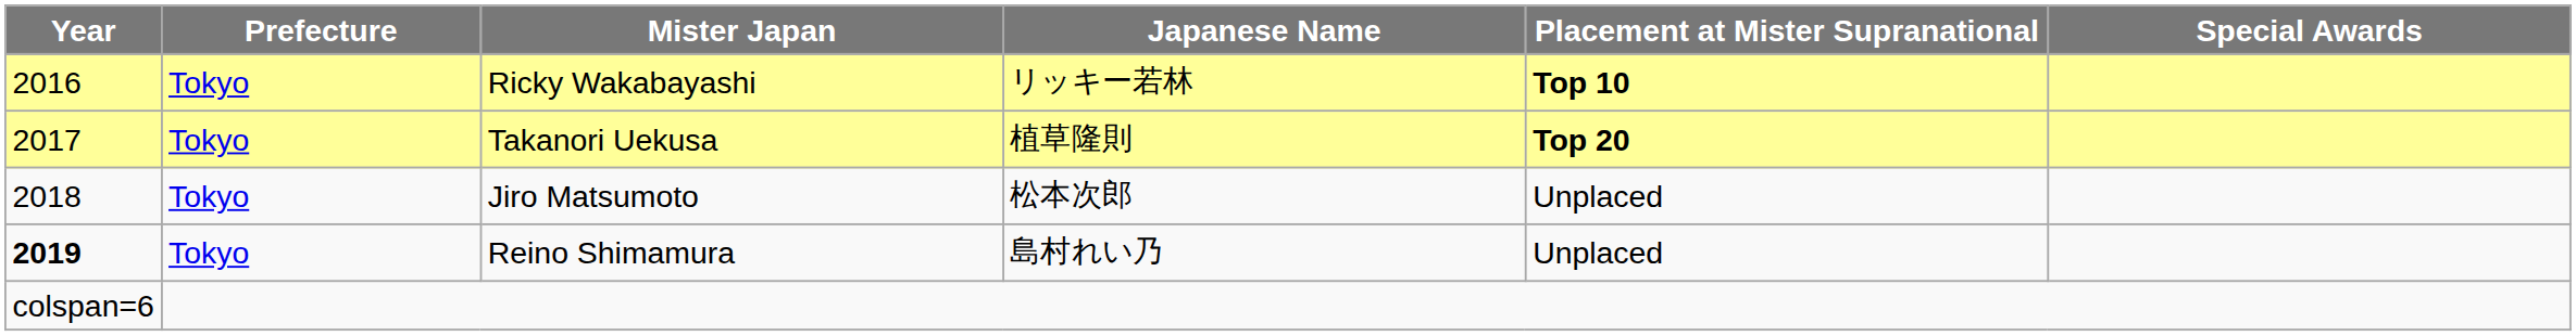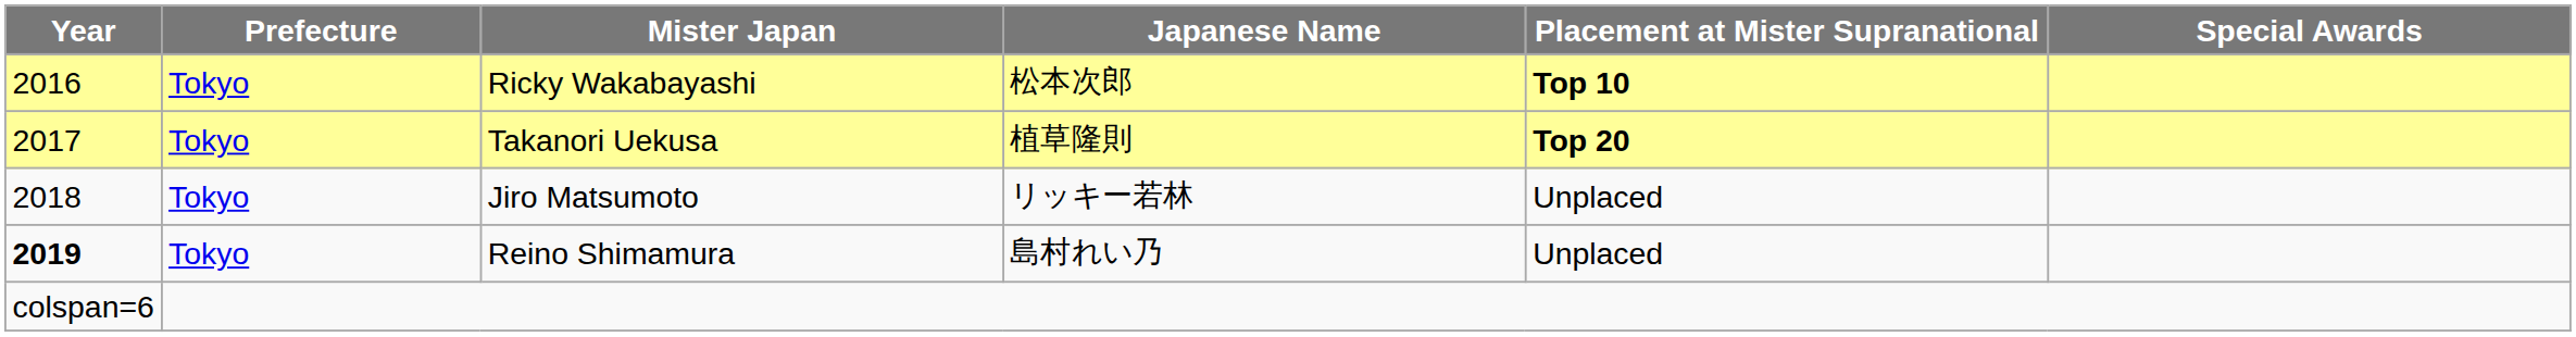 <table class="wikitable " style="font-size: 95%;">
 <tr>
 <th width="60" style="background-color:#787878;color:#FFFFFF;">Year</th>
 <th width="150" style="background-color:#787878;color:#FFFFFF;">Prefecture</th>
 <th width="250" style="background-color:#787878;color:#FFFFFF;">Mister Japan</th>
 <th width="250" style="background-color:#787878;color:#FFFFFF;">Japanese Name</th>
 <th width="250" style="background-color:#787878;color:#FFFFFF;">Placement at Mister Supranational</th>
 <th width="250" style="background-color:#787878;color:#FFFFFF;">Special Awards</th>
 </tr>
 <tr style="background-color:#FFFF99">
 <td>2016</td>
 <td><a href='#'>Tokyo</a></td>
 <td>Ricky Wakabayashi</td>
-<td>リッキー若林</td>
+<td>松本次郎</td>
 <td><strong>Top 10</strong></td>
 <td></td>
 </tr>
 <tr style="background-color:#FFFF99">
 <td>2017</td>
 <td><a href='#'>Tokyo</a></td>
 <td>Takanori Uekusa</td>
 <td>植草隆則</td>
 <td><strong>Top 20</strong></td>
 <td></td>
 </tr>
 <tr>
 <td>2018</td>
 <td><a href='#'>Tokyo</a></td>
 <td>Jiro Matsumoto</td>
-<td>松本次郎</td>
+<td>リッキー若林</td>
 <td>Unplaced</td>
 <td></td>
 </tr>
 <tr>
 <td><strong>2019</strong></td>
 <td><a href='#'>Tokyo</a></td>
 <td>Reino Shimamura</td>
 <td>島村れい乃</td>
 <td>Unplaced</td>
 <td></td>
 </tr>
 <tr>
 <td>colspan=6 </td>
 </tr>
 </table>
